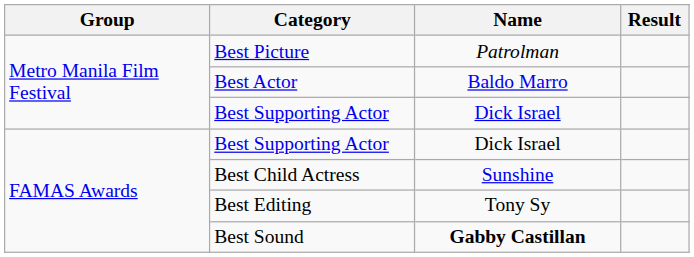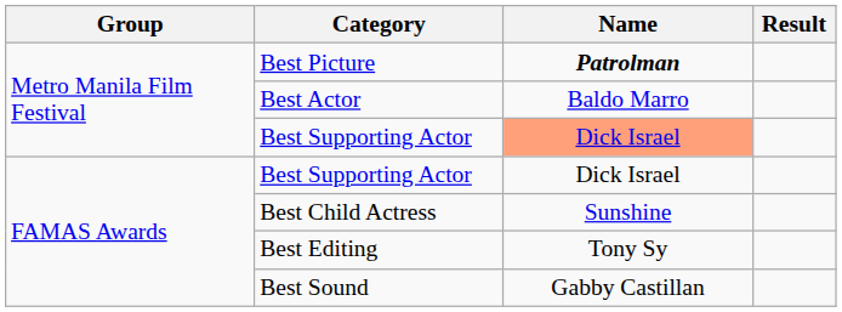 <table | width="90%" class="wikitable sortable">
 <tr>
 <th width="30%">Group</th>
 <th width="30%">Category</th>
 <th width="30%">Name</th>
 <th width="10%">Result</th>
 </tr>
 <tr>
 <td rowspan="3" align="left"><a href='#'>Metro Manila Film Festival</a></td>
 <td><a href='#'>Best Picture</a></td>
-<td align="center"><em>Patrolman</em></td>
+<td align="center"><strong><em>Patrolman</em></strong></td>
 <td></td>
 </tr>
 <tr>
 <td><a href='#'>Best Actor</a></td>
 <td align="center"><a href='#'>Baldo Marro</a></td>
 <td></td>
 </tr>
 <tr>
 <td><a href='#'>Best Supporting Actor</a></td>
-<td align="center"><a href='#'>Dick Israel</a></td>
+<td align="center" style="background: lightsalmon;"><a href='#'>Dick Israel</a></td>
 <td></td>
 </tr>
 <tr>
 <td rowspan="4" align="left"><a href='#'>FAMAS Awards</a></td>
 <td><a href='#'>Best Supporting Actor</a></td>
 <td align="center">Dick Israel</td>
 <td></td>
 </tr>
 <tr>
 <td>Best Child Actress</td>
 <td align="center"><a href='#'>Sunshine</a></td>
 <td></td>
 </tr>
 <tr>
 <td>Best Editing</td>
 <td align="center">Tony Sy</td>
 <td></td>
 </tr>
 <tr>
 <td>Best Sound</td>
-<td align="center"><strong>Gabby Castillan</strong></td>
+<td align="center">Gabby Castillan</td>
 <td></td>
 </tr>
 </table>
